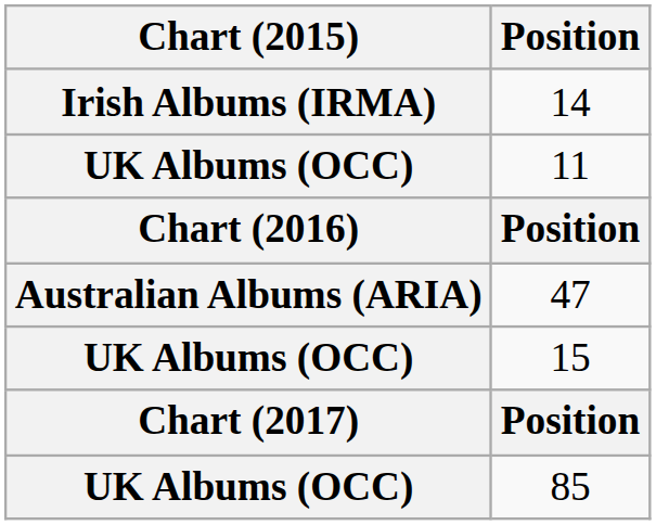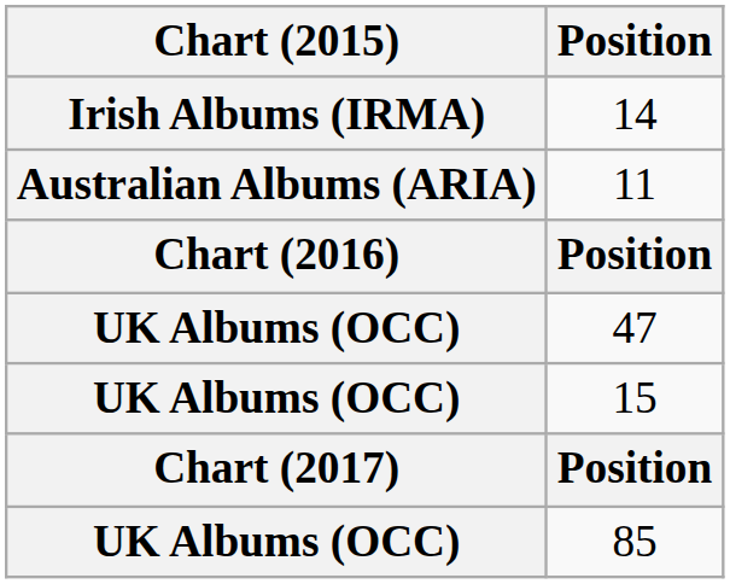 <table class="wikitable plainrowheaders sortable" style="text-align:center">
 <tr>
 <th scope="col">Chart (2015)</th>
 <th scope="col">Position</th>
 </tr>
 <tr>
 <th scope="row">Irish Albums (IRMA)</th>
 <td>14</td>
 </tr>
 <tr>
-<th scope="row">UK Albums (OCC)</th>
+<th scope="row">Australian Albums (ARIA)</th>
 <td>11</td>
 </tr>
 <tr>
 <th scope="col">Chart (2016)</th>
 <th scope="col">Position</th>
 </tr>
 <tr>
-<th scope="row">Australian Albums (ARIA)</th>
+<th scope="row">UK Albums (OCC)</th>
 <td>47</td>
 </tr>
 <tr>
 <th scope="row">UK Albums (OCC)</th>
 <td>15</td>
 </tr>
 <tr>
 <th scope="col">Chart (2017)</th>
 <th scope="col">Position</th>
 </tr>
 <tr>
 <th scope="row">UK Albums (OCC)</th>
 <td>85</td>
 </tr>
 </table>
